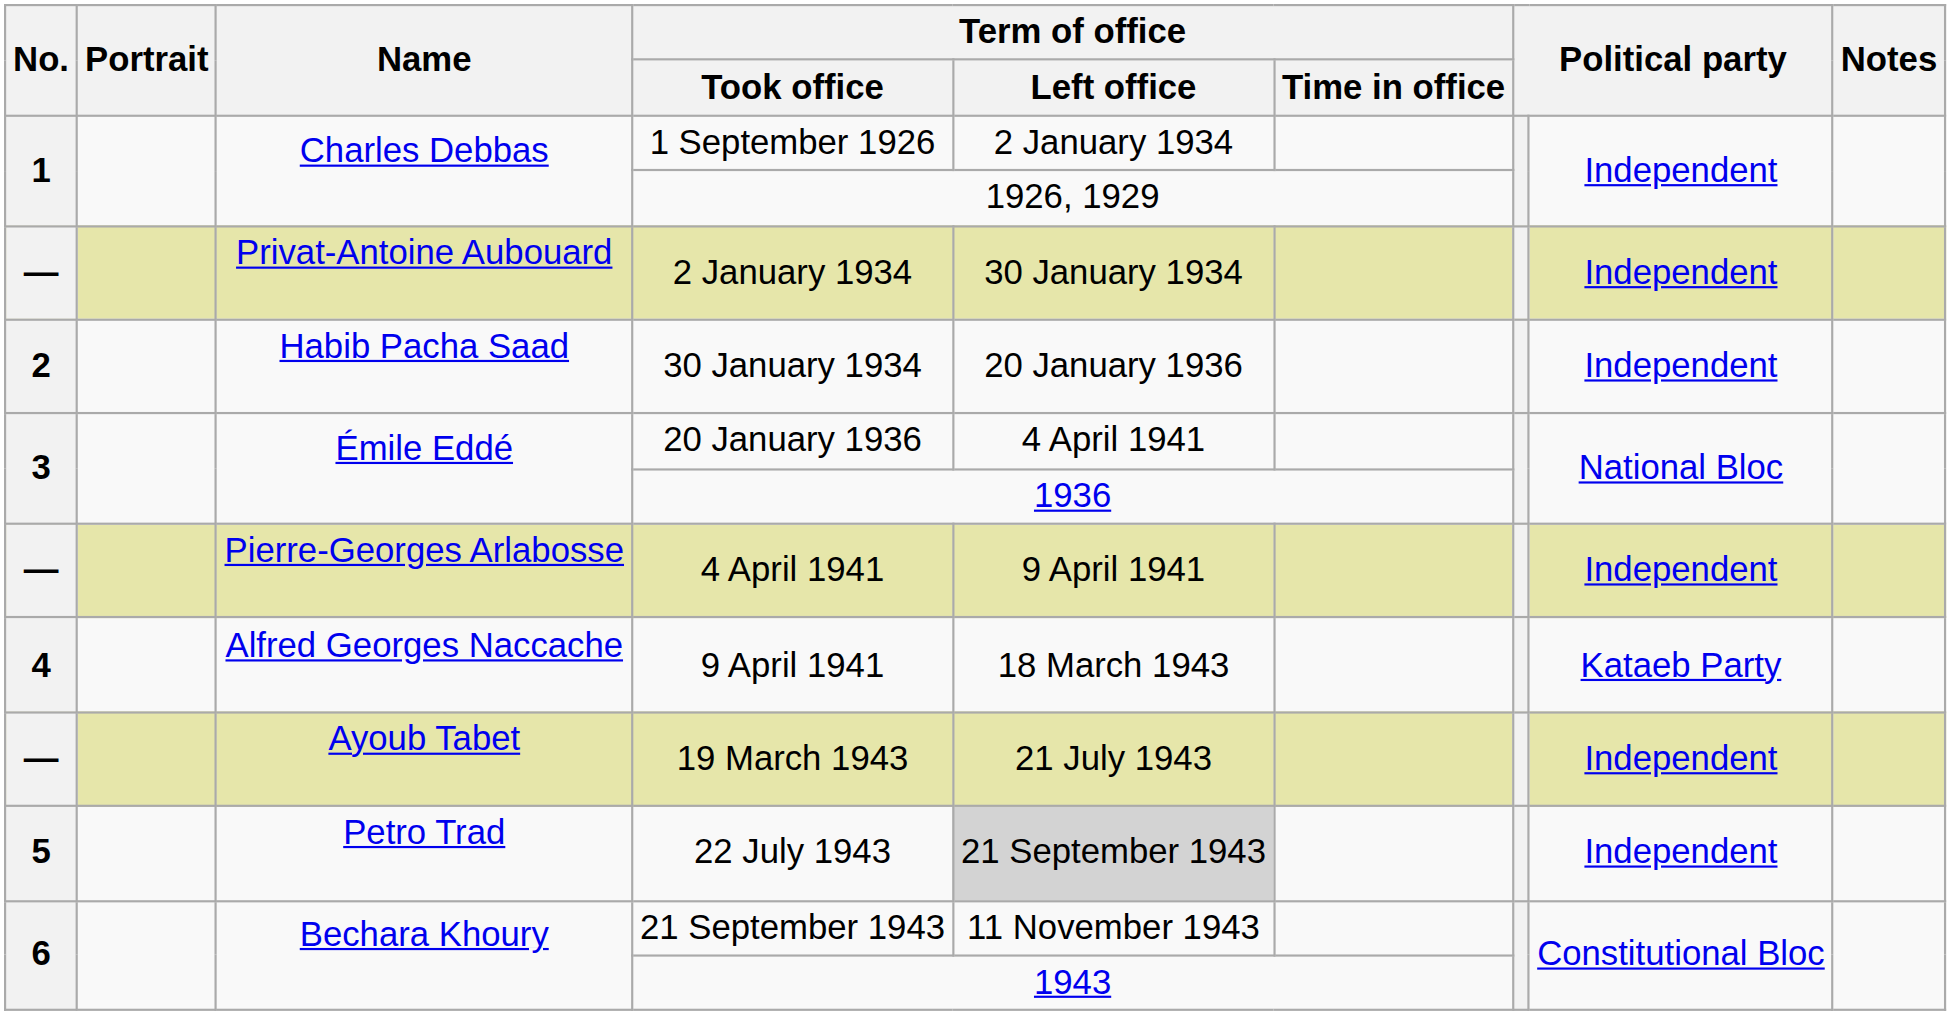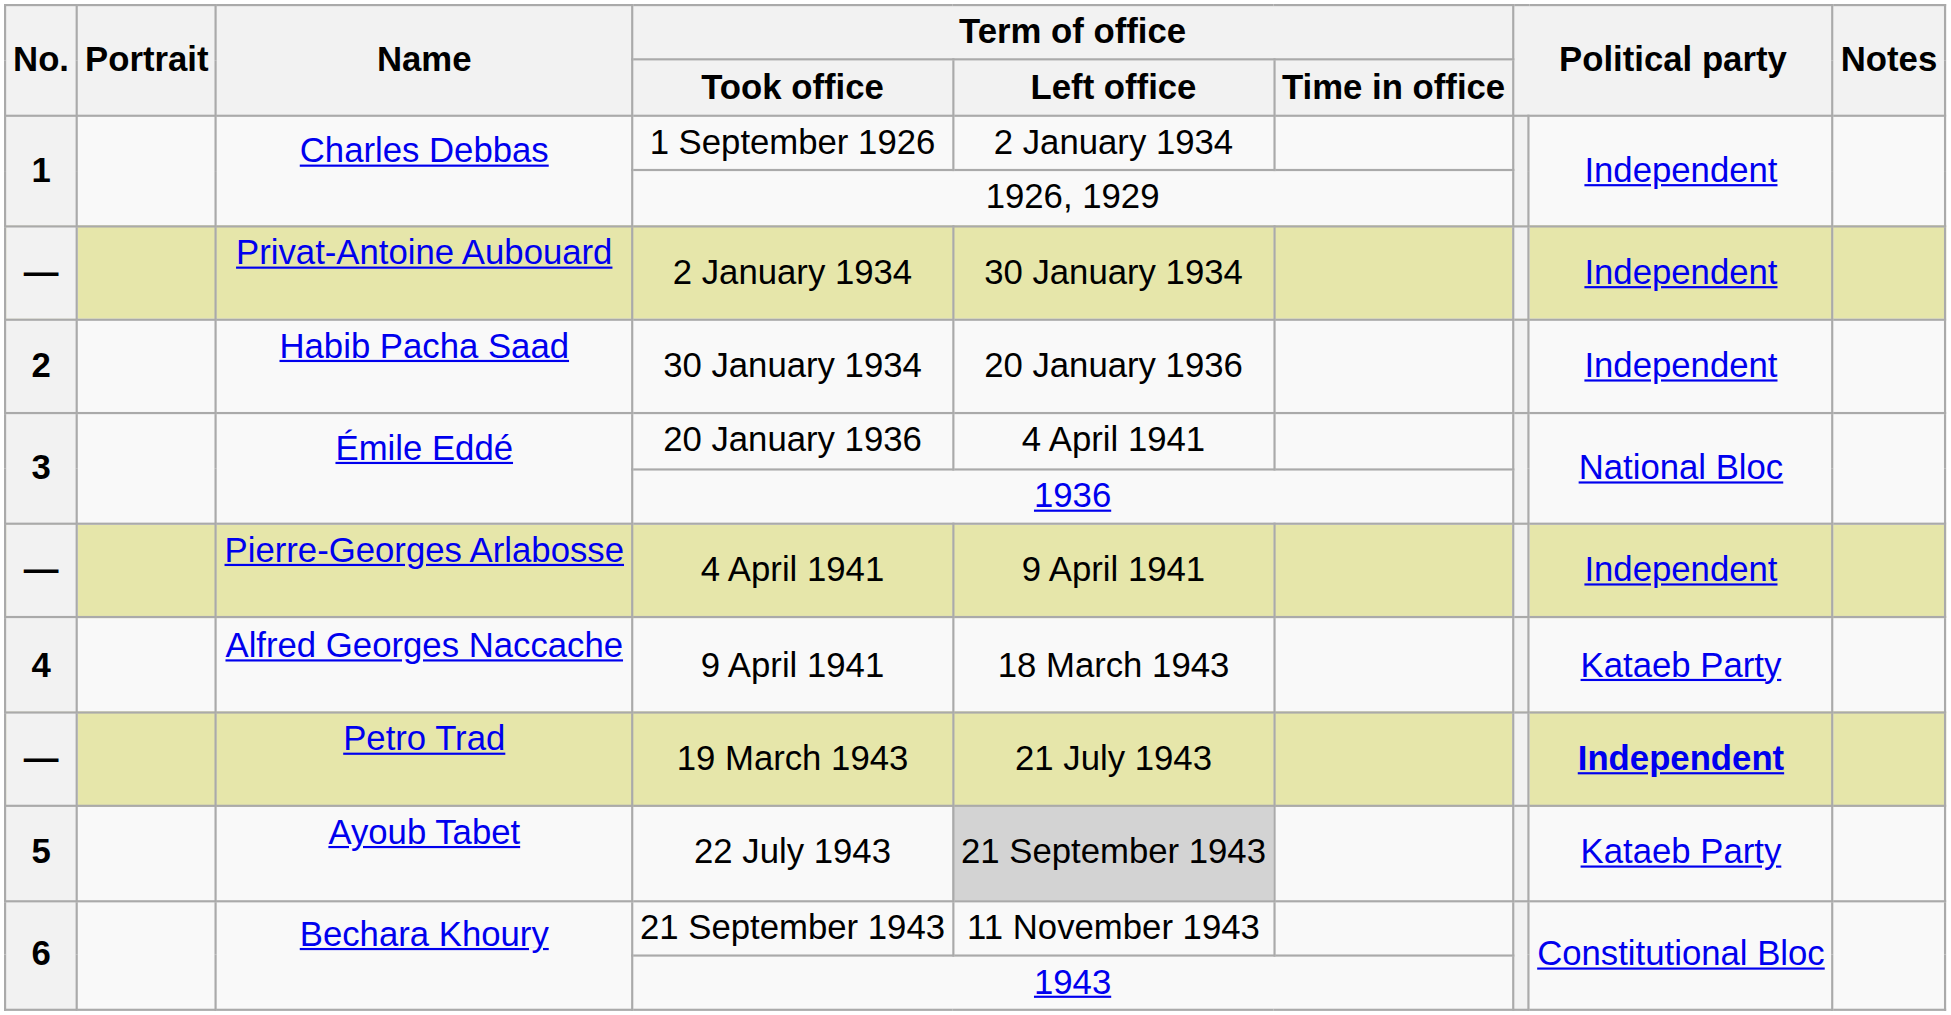 <table class="wikitable" style="text-align:center">
 <tr>
 <th rowspan="2">No.</th>
 <th rowspan="2">Portrait</th>
 <th rowspan="2">Name<br></th>
 <th colspan="3">Term of office</th>
 <th colspan="2" rowspan="2">Political party</th>
 <th rowspan="2">Notes</th>
 </tr>
 <tr>
 <th>Took office</th>
 <th>Left office</th>
 <th>Time in office</th>
 </tr>
 <tr>
 <th rowspan="2">1</th>
 <td rowspan="2"></td>
 <td rowspan="2"><a href='#'>Charles Debbas</a><br><br></td>
 <td>1 September 1926</td>
 <td>2 January 1934</td>
 <td></td>
 <th rowspan="2" style="background:"></th>
 <td rowspan="2"><a href='#'>Independent</a></td>
 <td rowspan="2"></td>
 </tr>
 <tr>
 <td colspan="3">1926, 1929</td>
 </tr>
 <tr style="background-color:#E6E6AA">
 <th>—</th>
 <td></td>
 <td><a href='#'>Privat-Antoine Aubouard</a><br><br></td>
 <td>2 January 1934</td>
 <td>30 January 1934</td>
 <td></td>
 <th style="background:"></th>
 <td><a href='#'>Independent</a></td>
 <td></td>
 </tr>
 <tr>
 <th>2</th>
 <td></td>
 <td><a href='#'>Habib Pacha Saad</a><br><br></td>
 <td>30 January 1934</td>
 <td>20 January 1936</td>
 <td></td>
 <th style="background:"></th>
 <td><a href='#'>Independent</a></td>
 <td></td>
 </tr>
 <tr>
 <th rowspan="2">3</th>
 <td rowspan="2"></td>
 <td rowspan="2"><a href='#'>Émile Eddé</a><br><br></td>
 <td>20 January 1936</td>
 <td>4 April 1941</td>
 <td></td>
 <th rowspan="2" style="background:"></th>
 <td rowspan="2"><a href='#'>National Bloc</a></td>
 <td rowspan="2"></td>
 </tr>
 <tr>
 <td colspan="3"><a href='#'>1936</a></td>
 </tr>
 <tr style="background-color:#E6E6AA">
 <th>—</th>
 <td></td>
 <td><a href='#'>Pierre-Georges Arlabosse</a><br><br></td>
 <td>4 April 1941</td>
 <td>9 April 1941</td>
 <td></td>
 <th style="background:"></th>
 <td><a href='#'>Independent</a></td>
 <td></td>
 </tr>
 <tr>
 <th>4</th>
 <td></td>
 <td><a href='#'>Alfred Georges Naccache</a><br><br></td>
 <td>9 April 1941</td>
 <td>18 March 1943</td>
 <td></td>
 <th style="background:"></th>
 <td><a href='#'>Kataeb Party</a></td>
 <td></td>
 </tr>
 <tr style="background-color:#E6E6AA">
 <th>—</th>
 <td></td>
-<td><a href='#'>Ayoub Tabet</a><br><br></td>
+<td><a href='#'>Petro Trad</a><br><br></td>
 <td>19 March 1943</td>
 <td>21 July 1943</td>
 <td></td>
 <th style="background:"></th>
-<td><a href='#'>Independent</a></td>
+<td><strong><a href='#'>Independent</a></strong></td>
 <td></td>
 </tr>
 <tr>
 <th>5</th>
 <td></td>
-<td><a href='#'>Petro Trad</a><br><br></td>
+<td><a href='#'>Ayoub Tabet</a><br><br></td>
 <td>22 July 1943</td>
 <td style="background: lightgrey;">21 September 1943</td>
 <td></td>
 <th style="background:"></th>
-<td><a href='#'>Independent</a></td>
+<td><a href='#'>Kataeb Party</a></td>
 <td></td>
 </tr>
 <tr>
 <th rowspan="2">6</th>
 <td rowspan="2"></td>
 <td rowspan="2"><a href='#'>Bechara Khoury</a><br><br></td>
 <td>21 September 1943</td>
 <td>11 November 1943</td>
 <td></td>
 <th rowspan="2" style="background:"></th>
 <td rowspan="2"><a href='#'>Constitutional Bloc</a></td>
 <td rowspan="2"></td>
 </tr>
 <tr>
 <td colspan="3"><a href='#'>1943</a></td>
 </tr>
 </table>
